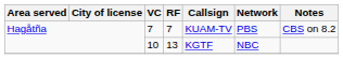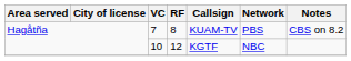 <table class="sortable wikitable" style="margin: 1em 1em 1em 0; background: #f9f9f9;">
 <tr>
 <th>Area served</th>
 <th>City of license</th>
 <th>VC</th>
 <th>RF</th>
 <th>Callsign</th>
 <th>Network</th>
 <th class="unsortable">Notes</th>
 </tr>
 <tr style="vertical-align: top; text-align: left;">
 <td colspan="2" rowspan="2"><a href='#'>Hagåtña</a></td>
 <td>7</td>
-<td>7</td>
+<td>8</td>
 <td><a href='#'>KUAM-TV</a></td>
 <td><a href='#'>PBS</a></td>
 <td><a href='#'>CBS</a> on 8.2</td>
 </tr>
 <tr style="vertical-align: top; text-align: left;">
 <td>10</td>
-<td>13</td>
+<td>12</td>
 <td><a href='#'>KGTF</a></td>
 <td><a href='#'>NBC</a></td>
 <td></td>
 </tr>
 <tr style="vertical-align: top; text-align: left;">
 </tr>
 </table>
